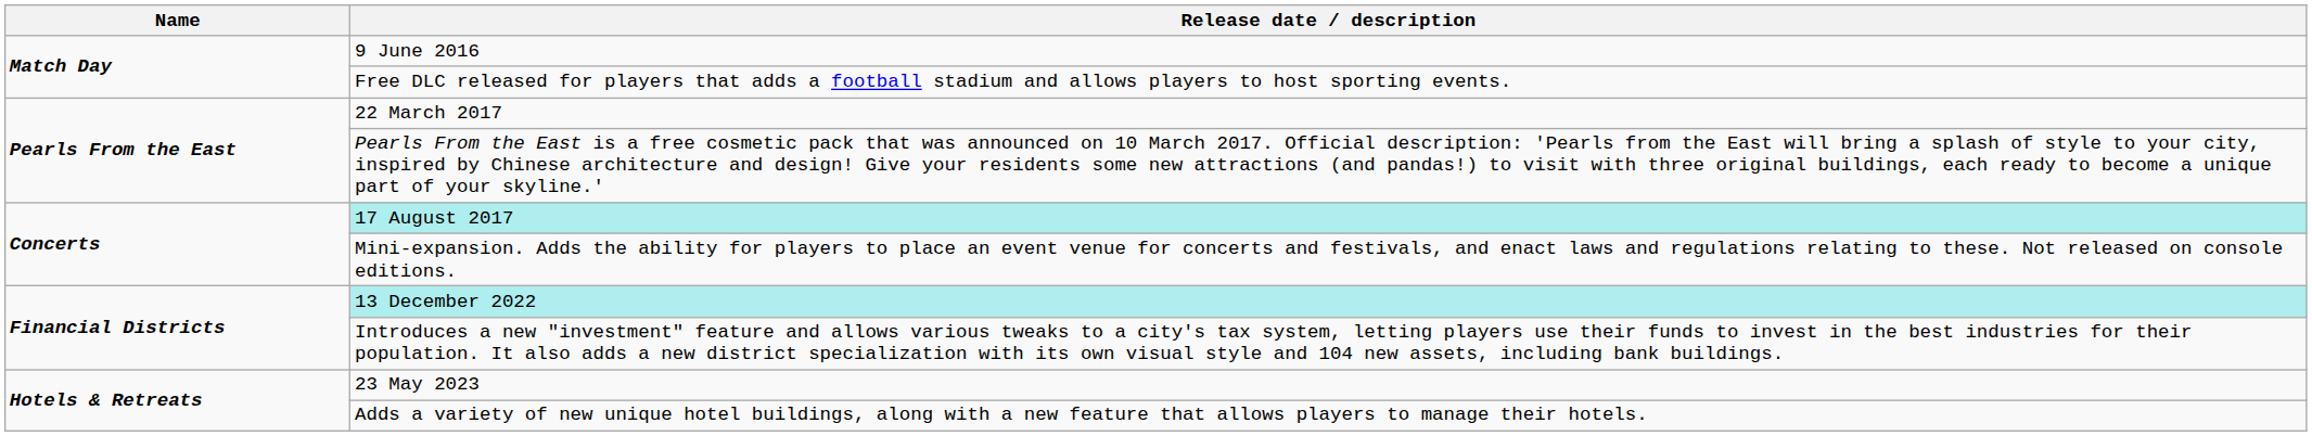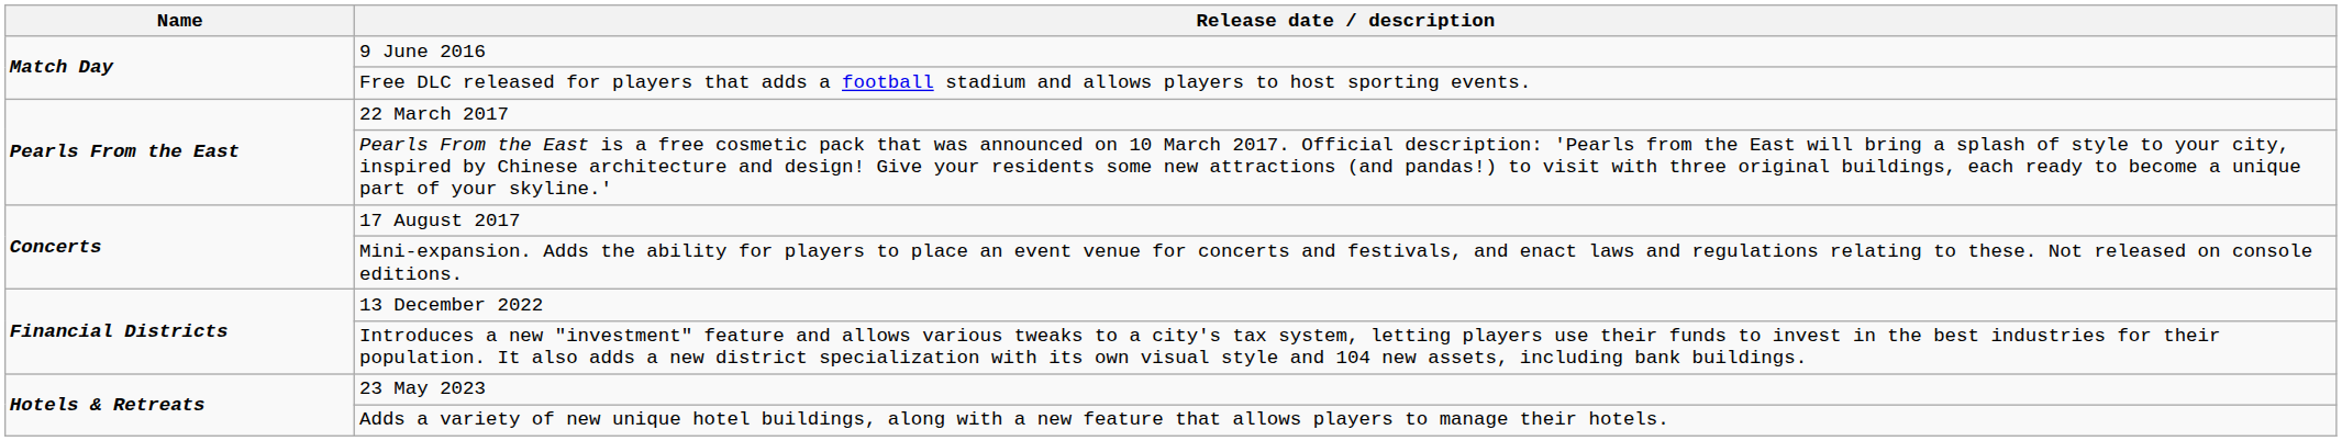 <table class="wikitable" style="width: 100%;">
 <tr>
 <th style="width: 15%;">Name</th>
 <th>Release date / description</th>
 </tr>
 <tr>
 <td rowspan="2"><strong><em>Match Day</em></strong></td>
 <td>9 June 2016</td>
 </tr>
 <tr>
 <td>Free DLC released for players that adds a <a href='#'>football</a> stadium and allows players to host sporting events.</td>
 </tr>
 <tr>
 <td rowspan="2"><strong><em>Pearls From the East</em></strong></td>
 <td>22 March 2017</td>
 </tr>
 <tr>
 <td><em>Pearls From the East</em> is a free cosmetic pack that was announced on 10 March 2017. Official description: 'Pearls from the East will bring a splash of style to your city, inspired by Chinese architecture and design! Give your residents some new attractions (and pandas!) to visit with three original buildings, each ready to become a unique part of your skyline.' </td>
 </tr>
 <tr>
 <td rowspan="2"><strong><em>Concerts</em></strong></td>
-<td style="background: paleturquoise;">17 August 2017</td>
+<td>17 August 2017</td>
 </tr>
 <tr>
 <td>Mini-expansion. Adds the ability for players to place an event venue for concerts and festivals, and enact laws and regulations relating to these. Not released on console editions.</td>
 </tr>
 <tr>
 <td rowspan="2"><strong><em>Financial Districts</em></strong></td>
-<td style="background: paleturquoise;">13 December 2022</td>
+<td>13 December 2022</td>
 </tr>
 <tr>
 <td>Introduces a new "investment" feature and allows various tweaks to a city's tax system, letting players use their funds to invest in the best industries for their population. It also adds a new district specialization with its own visual style and 104 new assets, including bank buildings.</td>
 </tr>
 <tr>
 <td rowspan="2"><strong><em>Hotels & Retreats</em></strong></td>
 <td>23 May 2023</td>
 </tr>
 <tr>
 <td>Adds a variety of new unique hotel buildings, along with a new feature that allows players to manage their hotels.</td>
 </tr>
 </table>
